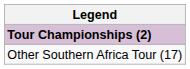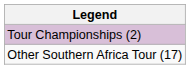 <table class="wikitable" style="font-size:95%;">
 <tr>
 <th>Legend</th>
 </tr>
 <tr style="background:thistle;">
-<td><strong>Tour Championships (2)</strong></td>
+<td>Tour Championships (2)</td>
 </tr>
 <tr>
 <td>Other Southern Africa Tour (17)</td>
 </tr>
 </table>
